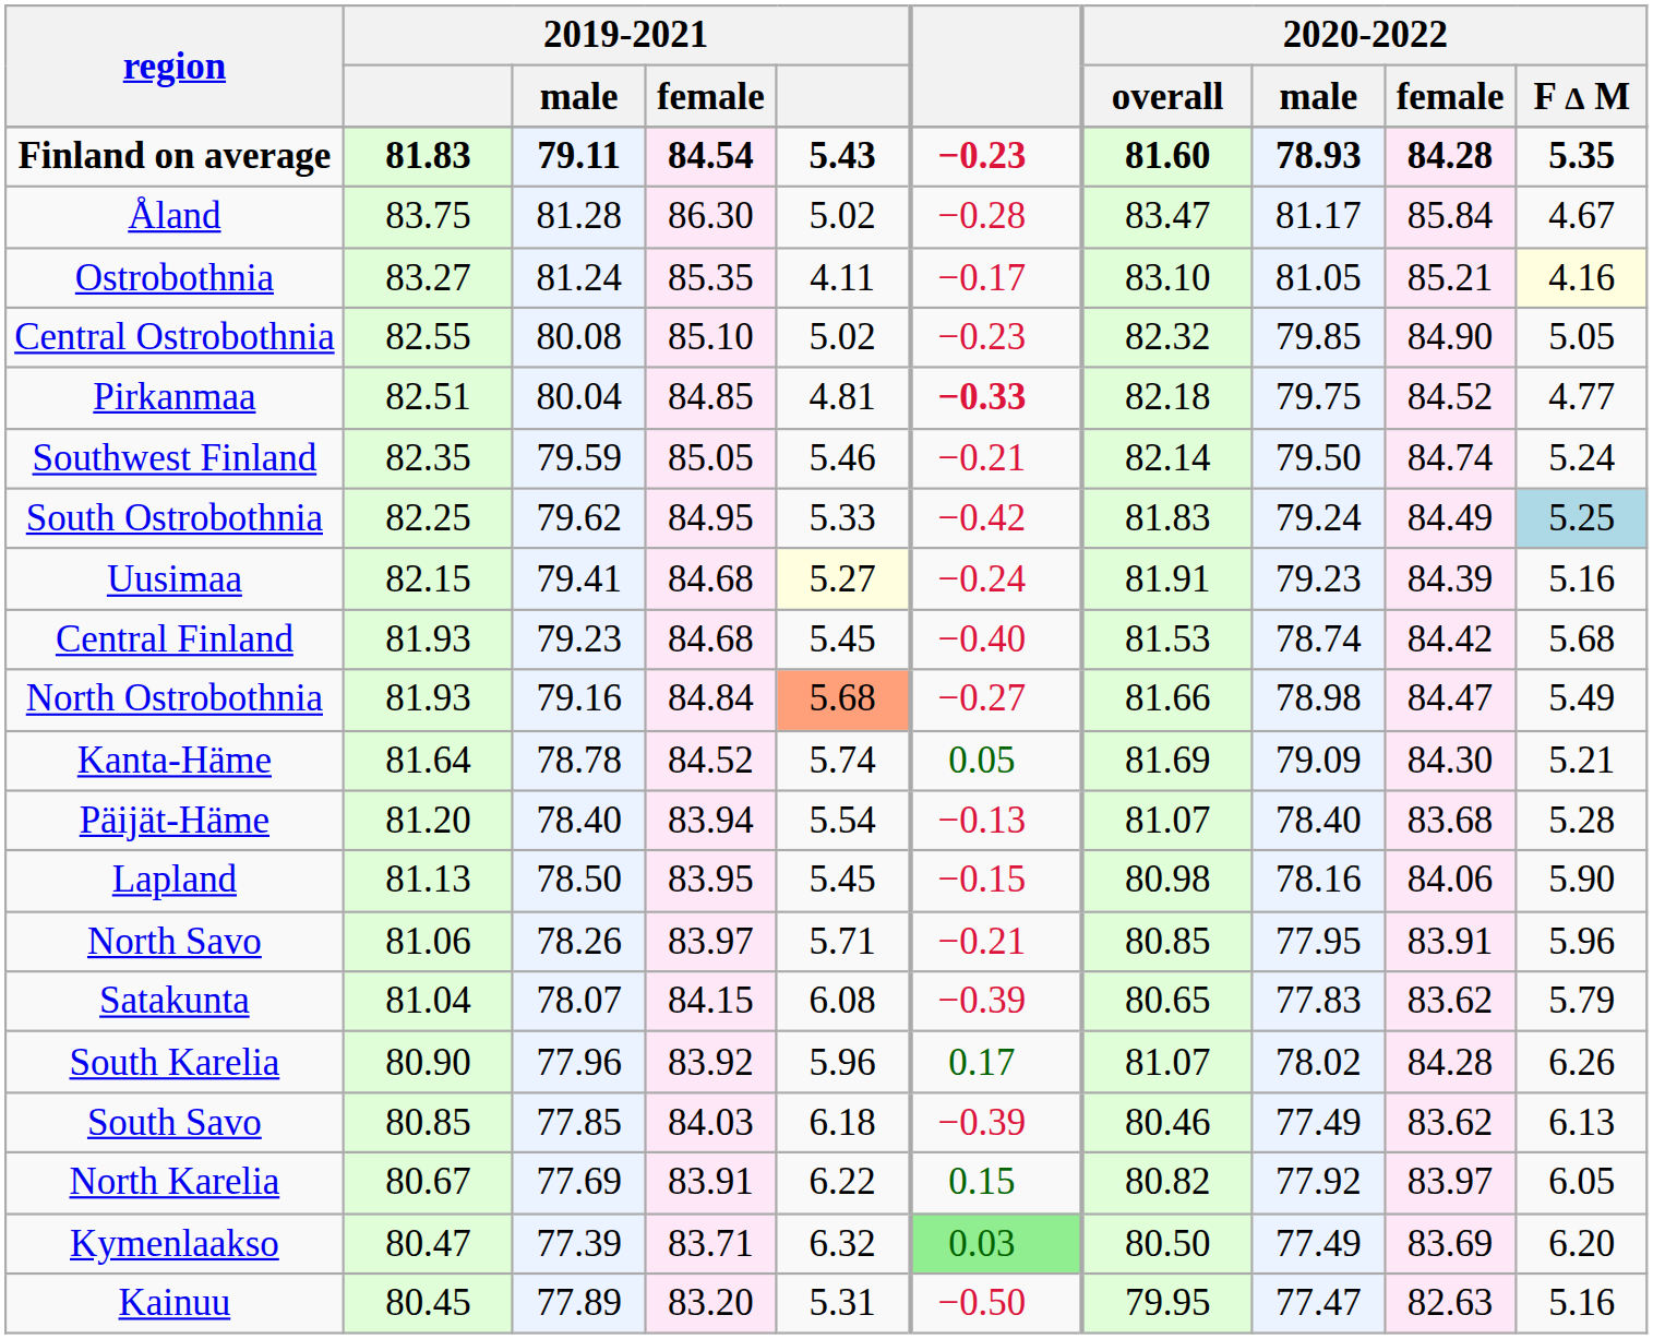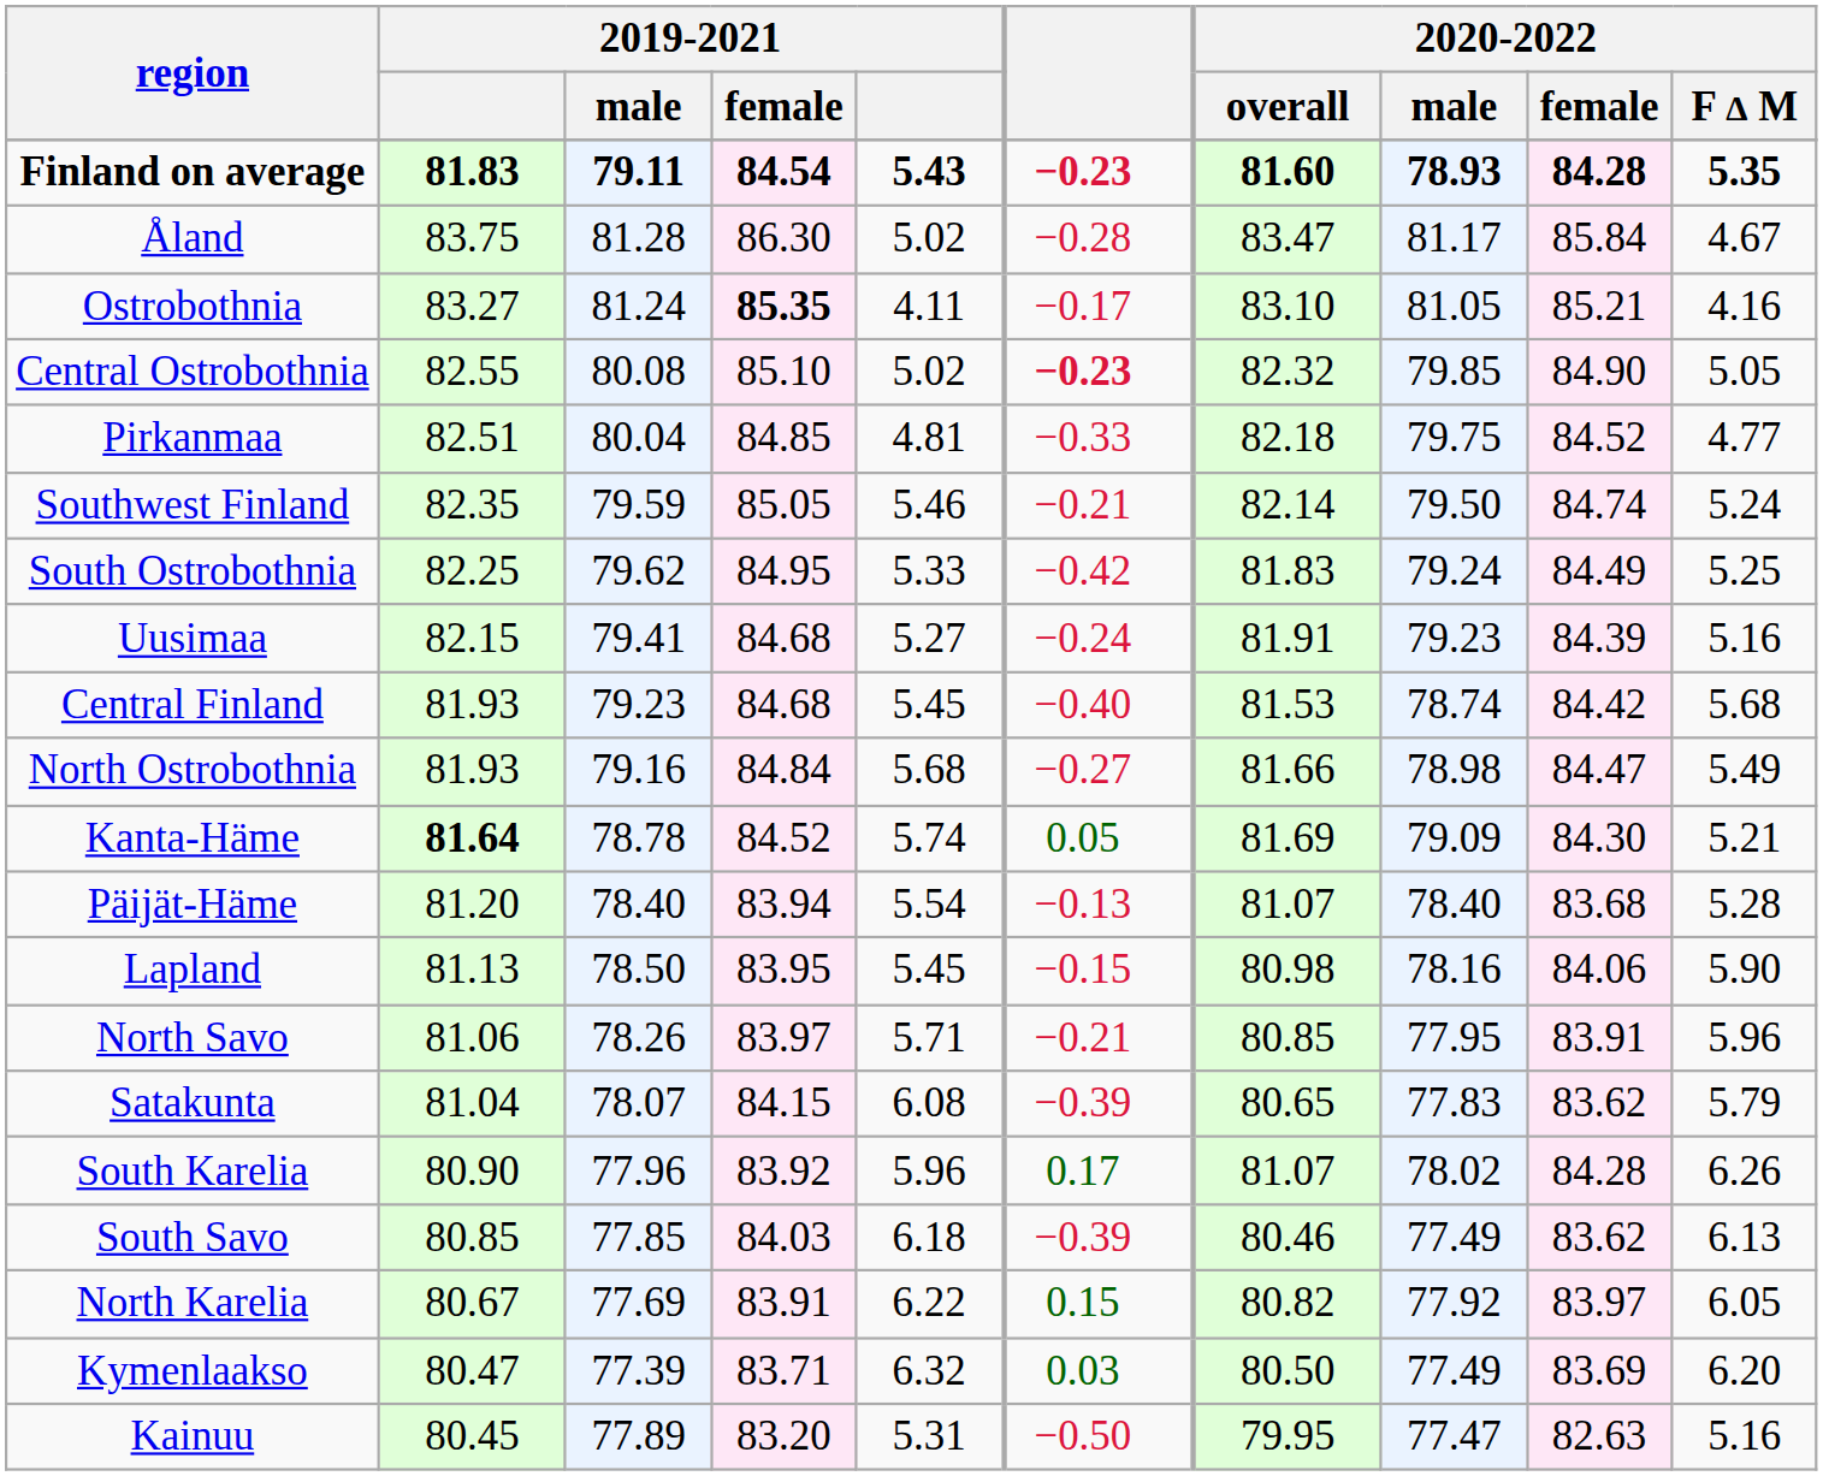 <table class="wikitable sortable mw-datatable static-row-numbers sort-under col1left col6right" style="text-align:center;">
 <tr>
 <th rowspan=2 style="vertical-align:middle;"><a href='#'>region</a></th>
 <th colspan=4>2019-2021</th>
 <th rowspan=2 style="vertical-align:middle;width:4em;border-left-width:2px;"></th>
 <th colspan=4 style="border-left-width:2px;">2020-2022</th>
 </tr>
 <tr>
 <th style="vertical-align:middle;width:4em;"></th>
 <th style="vertical-align:middle;width:3em;">male</th>
 <th style="vertical-align:middle;width:3em;">female</th>
 <th style="vertical-align:middle;width:3em;"></th>
 <th style="vertical-align:middle;width:4em;border-left-width:2px;">overall</th>
 <th style="vertical-align:middle;width:3em;">male</th>
 <th style="vertical-align:middle;width:3em;">female</th>
 <th style="vertical-align:middle;width:3em;">F <small>Δ</small> M</th>
 </tr>
 <tr>
 </tr>
 <tr class=static-row-header>
 <td><strong>Finland on average</strong></td>
 <td style="background:#e0ffd8;"><strong>81.83</strong></td>
 <td style="background:#eaf3ff;"><strong>79.11</strong></td>
 <td style="background:#fee7f6;"><strong>84.54</strong></td>
 <td><strong>5.43</strong></td>
 <td style="color:crimson;padding-right:2ex;border-left-width:2px;"><strong>−0.23</strong></td>
 <td style="background:#e0ffd8;border-left-width:2px;"><strong>81.60</strong></td>
 <td style="background:#eaf3ff;"><strong>78.93</strong></td>
 <td style="background:#fee7f6;"><strong>84.28</strong></td>
 <td><strong>5.35</strong></td>
 </tr>
 <tr>
 <td><a href='#'>Åland</a></td>
 <td style="background:#e0ffd8;">83.75</td>
 <td style="background:#eaf3ff;">81.28</td>
 <td style="background:#fee7f6;">86.30</td>
 <td>5.02</td>
 <td style="color:crimson;padding-right:2ex;border-left-width:2px;">−0.28</td>
 <td style="background:#e0ffd8;border-left-width:2px;">83.47</td>
 <td style="background:#eaf3ff;">81.17</td>
 <td style="background:#fee7f6;">85.84</td>
 <td>4.67</td>
 </tr>
 <tr>
 <td><a href='#'>Ostrobothnia</a></td>
 <td style="background:#e0ffd8;">83.27</td>
 <td style="background:#eaf3ff;">81.24</td>
-<td style="background:#fee7f6;">85.35</td>
+<td style="background:#fee7f6;"><strong>85.35</strong></td>
 <td>4.11</td>
 <td style="color:crimson;padding-right:2ex;border-left-width:2px;">−0.17</td>
 <td style="background:#e0ffd8;border-left-width:2px;">83.10</td>
 <td style="background:#eaf3ff;">81.05</td>
 <td style="background:#fee7f6;">85.21</td>
-<td style="background: lightyellow;">4.16</td>
+<td>4.16</td>
 </tr>
 <tr>
 <td><a href='#'>Central Ostrobothnia</a></td>
 <td style="background:#e0ffd8;">82.55</td>
 <td style="background:#eaf3ff;">80.08</td>
 <td style="background:#fee7f6;">85.10</td>
 <td>5.02</td>
-<td style="color:crimson;padding-right:2ex;border-left-width:2px;">−0.23</td>
+<td style="color:crimson;padding-right:2ex;border-left-width:2px;"><strong>−0.23</strong></td>
 <td style="background:#e0ffd8;border-left-width:2px;">82.32</td>
 <td style="background:#eaf3ff;">79.85</td>
 <td style="background:#fee7f6;">84.90</td>
 <td>5.05</td>
 </tr>
 <tr>
 <td><a href='#'>Pirkanmaa</a></td>
 <td style="background:#e0ffd8;">82.51</td>
 <td style="background:#eaf3ff;">80.04</td>
 <td style="background:#fee7f6;">84.85</td>
 <td>4.81</td>
-<td style="color:crimson;padding-right:2ex;border-left-width:2px;"><strong>−0.33</strong></td>
+<td style="color:crimson;padding-right:2ex;border-left-width:2px;">−0.33</td>
 <td style="background:#e0ffd8;border-left-width:2px;">82.18</td>
 <td style="background:#eaf3ff;">79.75</td>
 <td style="background:#fee7f6;">84.52</td>
 <td>4.77</td>
 </tr>
 <tr>
 <td><a href='#'>Southwest Finland</a></td>
 <td style="background:#e0ffd8;">82.35</td>
 <td style="background:#eaf3ff;">79.59</td>
 <td style="background:#fee7f6;">85.05</td>
 <td>5.46</td>
 <td style="color:crimson;padding-right:2ex;border-left-width:2px;">−0.21</td>
 <td style="background:#e0ffd8;border-left-width:2px;">82.14</td>
 <td style="background:#eaf3ff;">79.50</td>
 <td style="background:#fee7f6;">84.74</td>
 <td>5.24</td>
 </tr>
 <tr>
 <td><a href='#'>South Ostrobothnia</a></td>
 <td style="background:#e0ffd8;">82.25</td>
 <td style="background:#eaf3ff;">79.62</td>
 <td style="background:#fee7f6;">84.95</td>
 <td>5.33</td>
 <td style="color:crimson;padding-right:2ex;border-left-width:2px;">−0.42</td>
 <td style="background:#e0ffd8;border-left-width:2px;">81.83</td>
 <td style="background:#eaf3ff;">79.24</td>
 <td style="background:#fee7f6;">84.49</td>
-<td style="background: lightblue;">5.25</td>
+<td>5.25</td>
 </tr>
 <tr>
 <td><a href='#'>Uusimaa</a></td>
 <td style="background:#e0ffd8;">82.15</td>
 <td style="background:#eaf3ff;">79.41</td>
 <td style="background:#fee7f6;">84.68</td>
-<td style="background: lightyellow;">5.27</td>
+<td>5.27</td>
 <td style="color:crimson;padding-right:2ex;border-left-width:2px;">−0.24</td>
 <td style="background:#e0ffd8;border-left-width:2px;">81.91</td>
 <td style="background:#eaf3ff;">79.23</td>
 <td style="background:#fee7f6;">84.39</td>
 <td>5.16</td>
 </tr>
 <tr>
 <td><a href='#'>Central Finland</a></td>
 <td style="background:#e0ffd8;">81.93</td>
 <td style="background:#eaf3ff;">79.23</td>
 <td style="background:#fee7f6;">84.68</td>
 <td>5.45</td>
 <td style="color:crimson;padding-right:2ex;border-left-width:2px;">−0.40</td>
 <td style="background:#e0ffd8;border-left-width:2px;">81.53</td>
 <td style="background:#eaf3ff;">78.74</td>
 <td style="background:#fee7f6;">84.42</td>
 <td>5.68</td>
 </tr>
 <tr>
 <td><a href='#'>North Ostrobothnia</a></td>
 <td style="background:#e0ffd8;">81.93</td>
 <td style="background:#eaf3ff;">79.16</td>
 <td style="background:#fee7f6;">84.84</td>
-<td style="background: lightsalmon;">5.68</td>
+<td>5.68</td>
 <td style="color:crimson;padding-right:2ex;border-left-width:2px;">−0.27</td>
 <td style="background:#e0ffd8;border-left-width:2px;">81.66</td>
 <td style="background:#eaf3ff;">78.98</td>
 <td style="background:#fee7f6;">84.47</td>
 <td>5.49</td>
 </tr>
 <tr>
 <td><a href='#'>Kanta-Häme</a></td>
-<td style="background:#e0ffd8;">81.64</td>
+<td style="background:#e0ffd8;"><strong>81.64</strong></td>
 <td style="background:#eaf3ff;">78.78</td>
 <td style="background:#fee7f6;">84.52</td>
 <td>5.74</td>
 <td style="color:darkgreen;padding-right:2ex;border-left-width:2px;">0.05</td>
 <td style="background:#e0ffd8;border-left-width:2px;">81.69</td>
 <td style="background:#eaf3ff;">79.09</td>
 <td style="background:#fee7f6;">84.30</td>
 <td>5.21</td>
 </tr>
 <tr>
 <td><a href='#'>Päijät-Häme</a></td>
 <td style="background:#e0ffd8;">81.20</td>
 <td style="background:#eaf3ff;">78.40</td>
 <td style="background:#fee7f6;">83.94</td>
 <td>5.54</td>
 <td style="color:crimson;padding-right:2ex;border-left-width:2px;">−0.13</td>
 <td style="background:#e0ffd8;border-left-width:2px;">81.07</td>
 <td style="background:#eaf3ff;">78.40</td>
 <td style="background:#fee7f6;">83.68</td>
 <td>5.28</td>
 </tr>
 <tr>
 <td><a href='#'>Lapland</a></td>
 <td style="background:#e0ffd8;">81.13</td>
 <td style="background:#eaf3ff;">78.50</td>
 <td style="background:#fee7f6;">83.95</td>
 <td>5.45</td>
 <td style="color:crimson;padding-right:2ex;border-left-width:2px;">−0.15</td>
 <td style="background:#e0ffd8;border-left-width:2px;">80.98</td>
 <td style="background:#eaf3ff;">78.16</td>
 <td style="background:#fee7f6;">84.06</td>
 <td>5.90</td>
 </tr>
 <tr>
 <td><a href='#'>North Savo</a></td>
 <td style="background:#e0ffd8;">81.06</td>
 <td style="background:#eaf3ff;">78.26</td>
 <td style="background:#fee7f6;">83.97</td>
 <td>5.71</td>
 <td style="color:crimson;padding-right:2ex;border-left-width:2px;">−0.21</td>
 <td style="background:#e0ffd8;border-left-width:2px;">80.85</td>
 <td style="background:#eaf3ff;">77.95</td>
 <td style="background:#fee7f6;">83.91</td>
 <td>5.96</td>
 </tr>
 <tr>
 <td><a href='#'>Satakunta</a></td>
 <td style="background:#e0ffd8;">81.04</td>
 <td style="background:#eaf3ff;">78.07</td>
 <td style="background:#fee7f6;">84.15</td>
 <td>6.08</td>
 <td style="color:crimson;padding-right:2ex;border-left-width:2px;">−0.39</td>
 <td style="background:#e0ffd8;border-left-width:2px;">80.65</td>
 <td style="background:#eaf3ff;">77.83</td>
 <td style="background:#fee7f6;">83.62</td>
 <td>5.79</td>
 </tr>
 <tr>
 <td><a href='#'>South Karelia</a></td>
 <td style="background:#e0ffd8;">80.90</td>
 <td style="background:#eaf3ff;">77.96</td>
 <td style="background:#fee7f6;">83.92</td>
 <td>5.96</td>
 <td style="color:darkgreen;padding-right:2ex;border-left-width:2px;">0.17</td>
 <td style="background:#e0ffd8;border-left-width:2px;">81.07</td>
 <td style="background:#eaf3ff;">78.02</td>
 <td style="background:#fee7f6;">84.28</td>
 <td>6.26</td>
 </tr>
 <tr>
 <td><a href='#'>South Savo</a></td>
 <td style="background:#e0ffd8;">80.85</td>
 <td style="background:#eaf3ff;">77.85</td>
 <td style="background:#fee7f6;">84.03</td>
 <td>6.18</td>
 <td style="color:crimson;padding-right:2ex;border-left-width:2px;">−0.39</td>
 <td style="background:#e0ffd8;border-left-width:2px;">80.46</td>
 <td style="background:#eaf3ff;">77.49</td>
 <td style="background:#fee7f6;">83.62</td>
 <td>6.13</td>
 </tr>
 <tr>
 <td><a href='#'>North Karelia</a></td>
 <td style="background:#e0ffd8;">80.67</td>
 <td style="background:#eaf3ff;">77.69</td>
 <td style="background:#fee7f6;">83.91</td>
 <td>6.22</td>
 <td style="color:darkgreen;padding-right:2ex;border-left-width:2px;">0.15</td>
 <td style="background:#e0ffd8;border-left-width:2px;">80.82</td>
 <td style="background:#eaf3ff;">77.92</td>
 <td style="background:#fee7f6;">83.97</td>
 <td>6.05</td>
 </tr>
 <tr>
 <td><a href='#'>Kymenlaakso</a></td>
 <td style="background:#e0ffd8;">80.47</td>
 <td style="background:#eaf3ff;">77.39</td>
 <td style="background:#fee7f6;">83.71</td>
 <td>6.32</td>
-<td style="background: lightgreen; color:darkgreen;padding-right:2ex;border-left-width:2px;">0.03</td>
+<td style="color:darkgreen;padding-right:2ex;border-left-width:2px;">0.03</td>
 <td style="background:#e0ffd8;border-left-width:2px;">80.50</td>
 <td style="background:#eaf3ff;">77.49</td>
 <td style="background:#fee7f6;">83.69</td>
 <td>6.20</td>
 </tr>
 <tr>
 <td><a href='#'>Kainuu</a></td>
 <td style="background:#e0ffd8;">80.45</td>
 <td style="background:#eaf3ff;">77.89</td>
 <td style="background:#fee7f6;">83.20</td>
 <td>5.31</td>
 <td style="color:crimson;padding-right:2ex;border-left-width:2px;">−0.50</td>
 <td style="background:#e0ffd8;border-left-width:2px;">79.95</td>
 <td style="background:#eaf3ff;">77.47</td>
 <td style="background:#fee7f6;">82.63</td>
 <td>5.16</td>
 </tr>
 </table>
